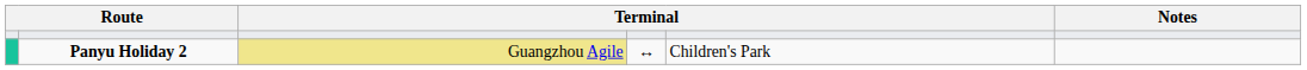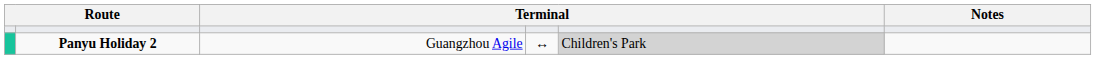 <table class="wikitable sortable" style="width:100%; text-align:center;">
 <tr>
 <th colspan="2" width="18%">Route</th>
 <th colspan="3">Terminal</th>
 <th width="19%">Notes</th>
 </tr>
 <tr style="background:#EAECF0" height=0>
 <td width="1%"></td>
 <td></td>
 <td width="30%"></td>
 <td></td>
 <td width="30%"></td>
 <td></td>
 </tr>
 <tr>
 <td style="background:#18c49c"></td>
 <td><strong>Panyu Holiday 2</strong></td>
-<td align=right style="background: khaki;">Guangzhou <a href='#'>Agile</a></td>
+<td align=right>Guangzhou <a href='#'>Agile</a></td>
 <td>↔</td>
-<td align=left>Children's Park</td>
+<td align=left style="background: lightgrey;">Children's Park</td>
 <td></td>
 </tr>
 </table>
